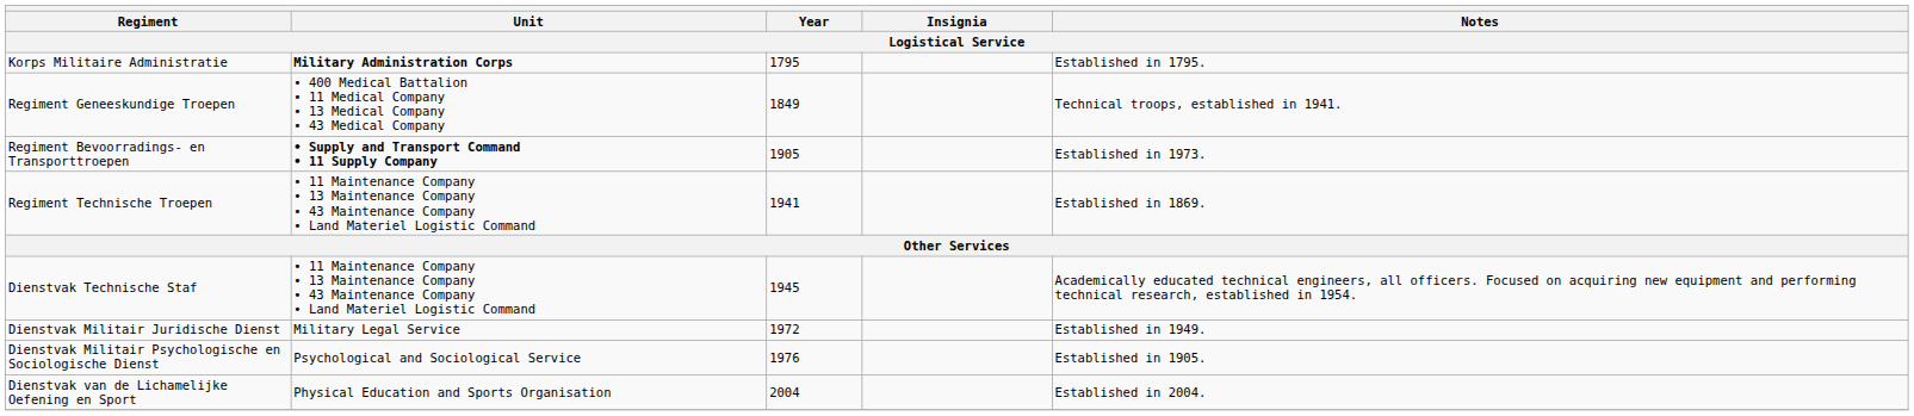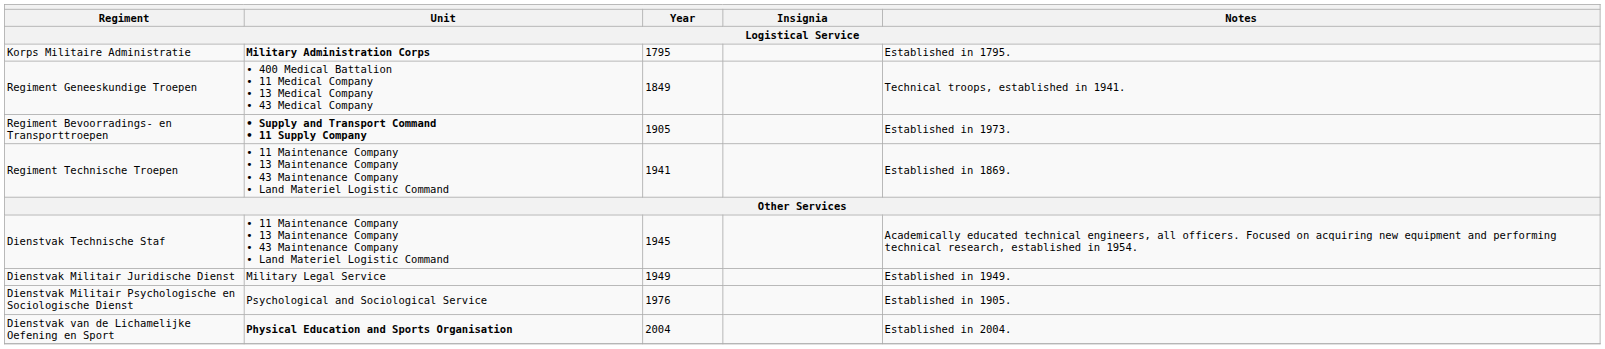 <table class="wikitable collapsible collapsed" style="text-align:left">
 <tr>
 <th colspan=5></th>
 </tr>
 <tr>
 <th scope="col" style="width: 15%;">Regiment</th>
 <th scope="col" style="width: 25%;">Unit</th>
 <th scope="col" style="width: 5%;">Year</th>
 <th scope="col" style="width: 10%;">Insignia</th>
 <th scope="col" style="width: 45%;">Notes</th>
 </tr>
 <tr>
 <th style="align: center;" colspan="7">Logistical Service</th>
 </tr>
 <tr>
 <td>Korps Militaire Administratie</td>
 <td><strong>Military Administration Corps</strong></td>
 <td>1795</td>
 <td></td>
 <td>Established in 1795.</td>
 </tr>
 <tr>
 <td>Regiment Geneeskundige Troepen</td>
 <td>• 400 Medical Battalion<br>• 11 Medical Company<br>• 13 Medical Company<br>• 43 Medical Company</td>
 <td>1849</td>
 <td></td>
 <td>Technical troops, established in 1941.</td>
 </tr>
 <tr>
 <td>Regiment Bevoorradings- en Transporttroepen</td>
 <td><strong>• Supply and Transport Command<br>• 11 Supply Company</strong></td>
 <td>1905</td>
 <td></td>
 <td>Established in 1973.</td>
 </tr>
 <tr>
 <td>Regiment Technische Troepen</td>
 <td>• 11 Maintenance Company<br>• 13 Maintenance Company<br>• 43 Maintenance Company<br>• Land Materiel Logistic Command</td>
 <td>1941</td>
 <td></td>
 <td>Established in 1869.</td>
 </tr>
 <tr>
 <th style="align: center;" colspan="7">Other Services</th>
 </tr>
 <tr>
 <td>Dienstvak Technische Staf</td>
 <td>• 11 Maintenance Company<br>• 13 Maintenance Company<br>• 43 Maintenance Company<br>• Land Materiel Logistic Command</td>
 <td>1945</td>
 <td></td>
 <td>Academically educated technical engineers, all officers. Focused on acquiring new equipment and performing technical research, established in 1954.</td>
 </tr>
 <tr>
 <td>Dienstvak Militair Juridische Dienst</td>
 <td>Military Legal Service</td>
-<td>1972</td>
+<td>1949</td>
 <td></td>
 <td>Established in 1949.</td>
 </tr>
 <tr>
 <td>Dienstvak Militair Psychologische en Sociologische Dienst</td>
 <td>Psychological and Sociological Service</td>
 <td>1976</td>
 <td></td>
 <td>Established in 1905.</td>
 </tr>
 <tr>
 <td>Dienstvak van de Lichamelijke Oefening en Sport</td>
-<td>Physical Education and Sports Organisation</td>
+<td><strong>Physical Education and Sports Organisation</strong></td>
 <td>2004</td>
 <td></td>
 <td>Established in 2004.</td>
 </tr>
 <tr>
 </tr>
 </table>
